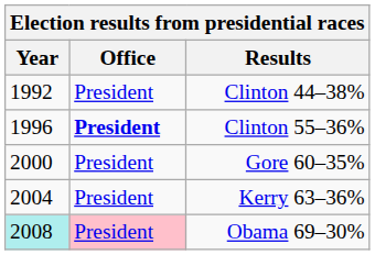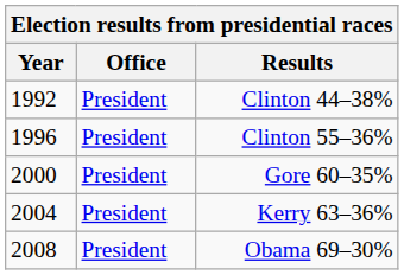 <table class="wikitable" style="font-size:95%;">
 <tr>
 <th colspan="3">Election results from presidential races</th>
 </tr>
 <tr>
 <th>Year</th>
 <th>Office</th>
 <th>Results</th>
 </tr>
 <tr>
 <td>1992</td>
 <td><a href='#'>President</a></td>
 <td align="right" ><a href='#'>Clinton</a> 44–38%</td>
 </tr>
 <tr>
 <td>1996</td>
-<td><strong><a href='#'>President</a></strong></td>
+<td><a href='#'>President</a></td>
 <td align="right" ><a href='#'>Clinton</a> 55–36%</td>
 </tr>
 <tr>
 <td>2000</td>
 <td><a href='#'>President</a></td>
 <td align="right" ><a href='#'>Gore</a> 60–35%</td>
 </tr>
 <tr>
 <td>2004</td>
 <td><a href='#'>President</a></td>
 <td align="right" ><a href='#'>Kerry</a> 63–36%</td>
 </tr>
 <tr>
-<td style="background: paleturquoise;">2008</td>
-<td style="background: pink;"><a href='#'>President</a></td>
+<td>2008</td>
+<td><a href='#'>President</a></td>
 <td align="right" ><a href='#'>Obama</a> 69–30%</td>
 </tr>
 </table>
